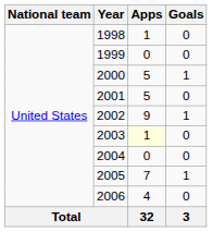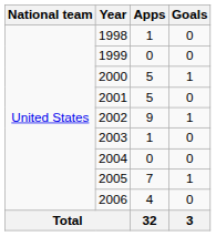 <table class="wikitable" style="text-align:center">
 <tr>
 <th>National team</th>
 <th>Year</th>
 <th>Apps</th>
 <th>Goals</th>
 </tr>
 <tr>
 <td rowspan="9"><a href='#'>United States</a></td>
 <td>1998</td>
 <td>1</td>
 <td>0</td>
 </tr>
 <tr>
 <td>1999</td>
 <td>0</td>
 <td>0</td>
 </tr>
 <tr>
 <td>2000</td>
 <td>5</td>
 <td>1</td>
 </tr>
 <tr>
 <td>2001</td>
 <td>5</td>
 <td>0</td>
 </tr>
 <tr>
 <td>2002</td>
 <td>9</td>
 <td>1</td>
 </tr>
 <tr>
 <td>2003</td>
-<td style="background: lightyellow;">1</td>
+<td>1</td>
 <td>0</td>
 </tr>
 <tr>
 <td>2004</td>
 <td>0</td>
 <td>0</td>
 </tr>
 <tr>
 <td>2005</td>
 <td>7</td>
 <td>1</td>
 </tr>
 <tr>
 <td>2006</td>
 <td>4</td>
 <td>0</td>
 </tr>
 <tr>
 <th colspan="2">Total</th>
 <th>32</th>
 <th>3</th>
 </tr>
 </table>
